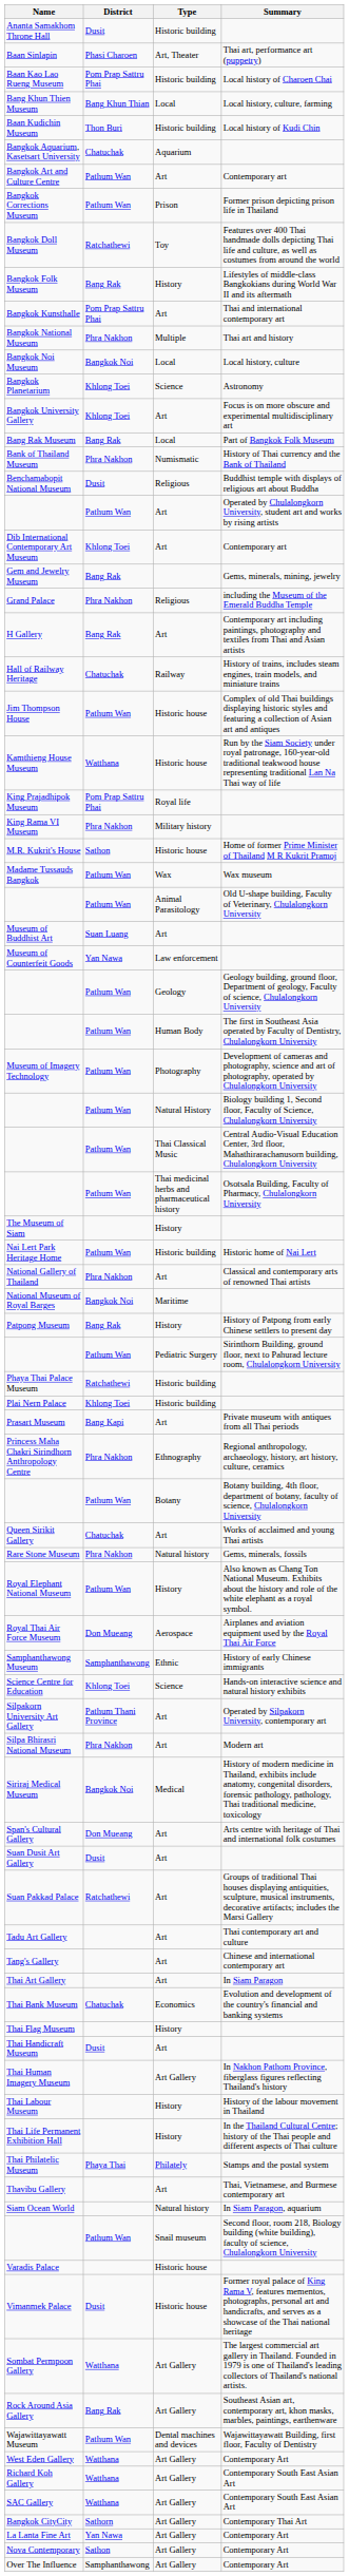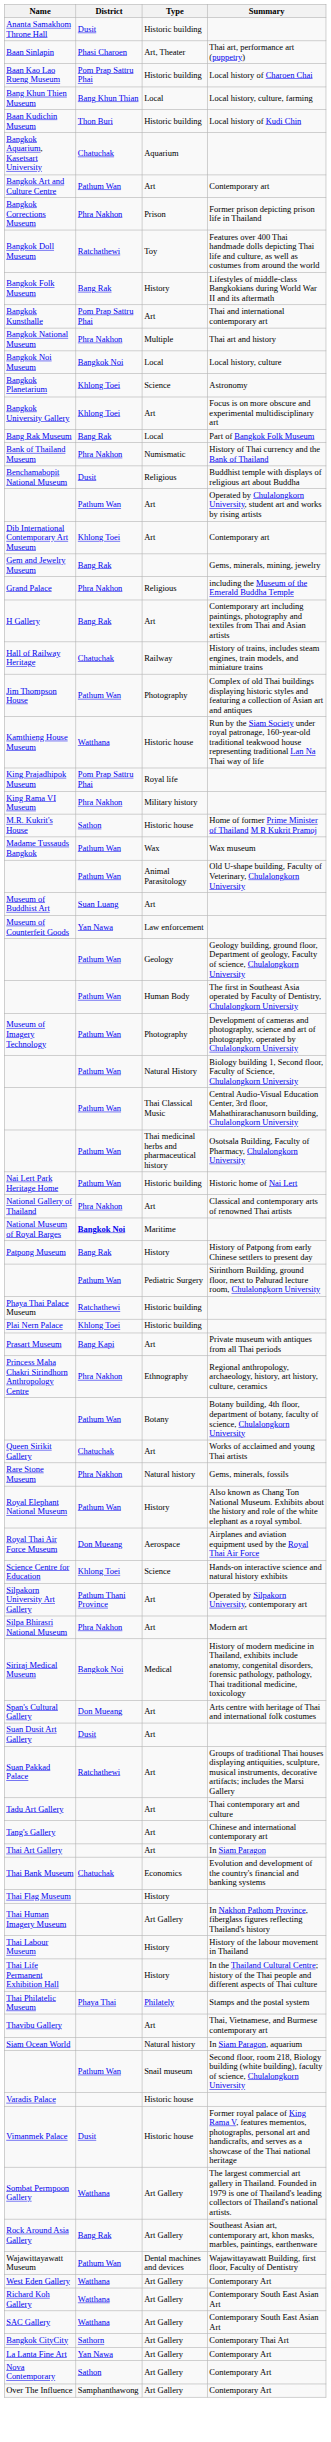 <table class="wikitable sortable">
 <tr>
 <th>Name</th>
 <th>District</th>
 <th>Type</th>
 <th>Summary</th>
 </tr>
 <tr>
 <td><a href='#'>Ananta Samakhom Throne Hall</a></td>
 <td><a href='#'>Dusit</a></td>
 <td>Historic building</td>
 <td></td>
 </tr>
 <tr>
 <td><a href='#'>Baan Sinlapin</a></td>
 <td><a href='#'>Phasi Charoen</a></td>
 <td>Art, Theater</td>
 <td>Thai art, performance art (<a href='#'>puppetry</a>)</td>
 </tr>
 <tr>
 <td><a href='#'>Baan Kao Lao Rueng Museum</a></td>
 <td><a href='#'>Pom Prap Sattru Phai</a></td>
 <td>Historic building</td>
 <td>Local history of <a href='#'>Charoen Chai</a></td>
 </tr>
 <tr>
 <td><a href='#'>Bang Khun Thien Museum</a></td>
 <td><a href='#'>Bang Khun Thian</a></td>
 <td>Local</td>
 <td>Local history, culture, farming</td>
 </tr>
 <tr>
 <td><a href='#'>Baan Kudichin Museum</a></td>
 <td><a href='#'>Thon Buri</a></td>
 <td>Historic building</td>
 <td>Local history of <a href='#'>Kudi Chin</a></td>
 </tr>
 <tr>
 <td><a href='#'>Bangkok Aquarium</a>, <a href='#'>Kasetsart University</a></td>
 <td><a href='#'>Chatuchak</a></td>
 <td>Aquarium</td>
 <td></td>
 </tr>
 <tr>
 <td><a href='#'>Bangkok Art and Culture Centre</a></td>
 <td><a href='#'>Pathum Wan</a></td>
 <td>Art</td>
 <td>Contemporary art</td>
 </tr>
 <tr>
 <td><a href='#'>Bangkok Corrections Museum</a></td>
-<td><a href='#'>Pathum Wan</a></td>
+<td><a href='#'>Phra Nakhon</a></td>
 <td>Prison</td>
 <td>Former prison depicting prison life in Thailand</td>
 </tr>
 <tr>
 <td><a href='#'>Bangkok Doll Museum</a></td>
 <td><a href='#'>Ratchathewi</a></td>
 <td>Toy</td>
 <td>Features over 400 Thai handmade dolls depicting Thai life and culture, as well as costumes from around the world</td>
 </tr>
 <tr>
 <td><a href='#'>Bangkok Folk Museum</a></td>
 <td><a href='#'>Bang Rak</a></td>
 <td>History</td>
 <td>Lifestyles of middle-class Bangkokians during World War II and its aftermath</td>
 </tr>
 <tr>
 <td><a href='#'>Bangkok Kunsthalle</a></td>
 <td><a href='#'>Pom Prap Sattru Phai</a></td>
 <td>Art</td>
 <td>Thai and international contemporary art</td>
 </tr>
 <tr>
 <td><a href='#'>Bangkok National Museum</a></td>
 <td><a href='#'>Phra Nakhon</a></td>
 <td>Multiple</td>
 <td>Thai art and history</td>
 </tr>
 <tr>
 <td><a href='#'>Bangkok Noi Museum</a></td>
 <td><a href='#'>Bangkok Noi</a></td>
 <td>Local</td>
 <td>Local history, culture</td>
 </tr>
 <tr>
 <td><a href='#'>Bangkok Planetarium</a></td>
 <td><a href='#'>Khlong Toei</a></td>
 <td>Science</td>
 <td>Astronomy</td>
 </tr>
 <tr>
 <td><a href='#'>Bangkok University Gallery</a></td>
 <td><a href='#'>Khlong Toei</a></td>
 <td>Art</td>
 <td>Focus is on more obscure and experimental multidisciplinary art</td>
 </tr>
 <tr>
 <td><a href='#'>Bang Rak Museum</a></td>
 <td><a href='#'>Bang Rak</a></td>
 <td>Local</td>
 <td>Part of <a href='#'>Bangkok Folk Museum</a></td>
 </tr>
 <tr>
 <td><a href='#'>Bank of Thailand Museum</a></td>
 <td><a href='#'>Phra Nakhon</a></td>
 <td>Numismatic</td>
 <td>History of Thai currency and the <a href='#'>Bank of Thailand</a></td>
 </tr>
 <tr>
 <td><a href='#'>Benchamabopit National Museum</a></td>
 <td><a href='#'>Dusit</a></td>
 <td>Religious</td>
 <td>Buddhist temple with displays of religious art about Buddha</td>
 </tr>
 <tr>
 <td></td>
 <td><a href='#'>Pathum Wan</a></td>
 <td>Art</td>
 <td>Operated by <a href='#'>Chulalongkorn University</a>, student art and works by rising artists</td>
 </tr>
 <tr>
 <td><a href='#'>Dib International Contemporary Art Museum</a></td>
 <td><a href='#'>Khlong Toei</a></td>
 <td>Art</td>
 <td>Contemporary art</td>
 </tr>
 <tr>
 <td><a href='#'>Gem and Jewelry Museum</a></td>
 <td><a href='#'>Bang Rak</a></td>
 <td></td>
 <td>Gems, minerals, mining, jewelry</td>
 </tr>
 <tr>
 <td><a href='#'>Grand Palace</a></td>
 <td><a href='#'>Phra Nakhon</a></td>
 <td>Religious</td>
 <td>including the <a href='#'>Museum of the Emerald Buddha Temple</a></td>
 </tr>
 <tr>
 <td><a href='#'>H Gallery</a></td>
 <td><a href='#'>Bang Rak</a></td>
 <td>Art</td>
 <td>Contemporary art including paintings, photography and textiles from Thai and Asian artists</td>
 </tr>
 <tr>
 <td><a href='#'>Hall of Railway Heritage</a></td>
 <td><a href='#'>Chatuchak</a></td>
 <td>Railway</td>
 <td>History of trains, includes steam engines, train models, and miniature trains</td>
 </tr>
 <tr>
 <td><a href='#'>Jim Thompson House</a></td>
 <td><a href='#'>Pathum Wan</a></td>
-<td>Historic house</td>
+<td>Photography</td>
 <td>Complex of old Thai buildings displaying historic styles and featuring a collection of Asian art and antiques</td>
 </tr>
 <tr>
 <td><a href='#'>Kamthieng House Museum</a></td>
 <td><a href='#'>Watthana</a></td>
 <td>Historic house</td>
 <td>Run by the <a href='#'>Siam Society</a> under royal patronage, 160-year-old traditional teakwood house representing traditional <a href='#'>Lan Na</a> Thai way of life</td>
 </tr>
 <tr>
 <td><a href='#'>King Prajadhipok Museum</a></td>
 <td><a href='#'>Pom Prap Sattru Phai</a></td>
 <td>Royal life</td>
 <td></td>
 </tr>
 <tr>
 <td><a href='#'>King Rama VI Museum</a></td>
 <td><a href='#'>Phra Nakhon</a></td>
 <td>Military history</td>
 <td></td>
 </tr>
 <tr>
 <td><a href='#'>M.R. Kukrit's House</a></td>
 <td><a href='#'>Sathon</a></td>
 <td>Historic house</td>
 <td>Home of former <a href='#'>Prime Minister of Thailand</a> <a href='#'>M R Kukrit Pramoj</a></td>
 </tr>
 <tr>
 <td><a href='#'>Madame Tussauds Bangkok</a></td>
 <td><a href='#'>Pathum Wan</a></td>
 <td>Wax</td>
 <td>Wax museum</td>
 </tr>
 <tr>
 <td></td>
 <td><a href='#'>Pathum Wan</a></td>
 <td>Animal Parasitology</td>
 <td>Old U-shape building, Faculty of Veterinary, <a href='#'>Chulalongkorn University</a></td>
 </tr>
 <tr>
 <td><a href='#'>Museum of Buddhist Art</a></td>
 <td><a href='#'>Suan Luang</a></td>
 <td>Art</td>
 <td></td>
 </tr>
 <tr>
 <td><a href='#'>Museum of Counterfeit Goods</a></td>
 <td><a href='#'>Yan Nawa</a></td>
 <td>Law enforcement</td>
 <td></td>
 </tr>
 <tr>
 <td></td>
 <td><a href='#'>Pathum Wan</a></td>
 <td>Geology</td>
 <td>Geology building, ground floor, Department of geology, Faculty of science, <a href='#'>Chulalongkorn University</a></td>
 </tr>
 <tr>
 <td></td>
 <td><a href='#'>Pathum Wan</a></td>
 <td>Human Body</td>
 <td>The first    in Southeast Asia operated by Faculty of Dentistry, <a href='#'>Chulalongkorn University</a></td>
 </tr>
 <tr>
 <td><a href='#'>Museum of Imagery Technology</a></td>
 <td><a href='#'>Pathum Wan</a></td>
 <td>Photography</td>
 <td>Development of cameras and photography, science and art of photography, operated by <a href='#'>Chulalongkorn University</a></td>
 </tr>
 <tr>
 <td></td>
 <td><a href='#'>Pathum Wan</a></td>
 <td>Natural History</td>
 <td>Biology building 1, Second floor, Faculty of Science,  <a href='#'>Chulalongkorn University</a></td>
 </tr>
 <tr>
 <td></td>
 <td><a href='#'>Pathum Wan</a></td>
 <td>Thai Classical Music</td>
 <td>Central Audio-Visual Education Center, 3rd floor, Mahathirarachanusorn building, <a href='#'>Chulalongkorn University</a></td>
 </tr>
 <tr>
 <td></td>
 <td><a href='#'>Pathum Wan</a></td>
 <td>Thai medicinal herbs and pharmaceutical history</td>
 <td>Osotsala Building, Faculty of Pharmacy, <a href='#'>Chulalongkorn University</a></td>
 </tr>
 <tr>
-<td><a href='#'>The Museum of Siam</a></td>
-<td></td>
-<td>History</td>
-<td></td>
-</tr>
-<tr>
 <td><a href='#'>Nai Lert Park Heritage Home</a></td>
 <td><a href='#'>Pathum Wan</a></td>
 <td>Historic building</td>
 <td>Historic home of <a href='#'>Nai Lert</a></td>
 </tr>
 <tr>
 <td><a href='#'>National Gallery of Thailand</a></td>
 <td><a href='#'>Phra Nakhon</a></td>
 <td>Art</td>
 <td>Classical and contemporary arts of renowned Thai artists</td>
 </tr>
 <tr>
 <td><a href='#'>National Museum of Royal Barges</a></td>
-<td><a href='#'>Bangkok Noi</a></td>
+<td><strong><a href='#'>Bangkok Noi</a></strong></td>
 <td>Maritime</td>
 <td></td>
 </tr>
 <tr>
 <td><a href='#'>Patpong Museum</a></td>
 <td><a href='#'>Bang Rak</a></td>
 <td>History</td>
 <td>History of Patpong from early Chinese settlers to present day</td>
 </tr>
 <tr>
 <td></td>
 <td><a href='#'>Pathum Wan</a></td>
 <td>Pediatric Surgery</td>
 <td>Sirinthorn Building, ground floor, next to Pahurad lecture room, <a href='#'>Chulalongkorn University</a></td>
 </tr>
 <tr>
 <td><a href='#'>Phaya Thai Palace</a> Museum</td>
 <td><a href='#'>Ratchathewi</a></td>
 <td>Historic building</td>
 <td></td>
 </tr>
 <tr>
 <td><a href='#'>Plai Nern Palace</a></td>
 <td><a href='#'>Khlong Toei</a></td>
 <td>Historic building</td>
 <td></td>
 </tr>
 <tr>
 <td><a href='#'>Prasart Museum</a></td>
 <td><a href='#'>Bang Kapi</a></td>
 <td>Art</td>
 <td>Private museum with antiques from all Thai periods</td>
 </tr>
 <tr>
 <td><a href='#'>Princess Maha Chakri Sirindhorn Anthropology Centre</a></td>
 <td><a href='#'>Phra Nakhon</a></td>
 <td>Ethnography</td>
 <td>Regional anthropology, archaeology, history, art history, culture, ceramics</td>
 </tr>
 <tr>
 <td></td>
 <td><a href='#'>Pathum Wan</a></td>
 <td>Botany</td>
 <td>Botany building, 4th floor, department of botany, faculty of science, <a href='#'>Chulalongkorn University</a></td>
 </tr>
 <tr>
 <td><a href='#'>Queen Sirikit Gallery</a></td>
 <td><a href='#'>Chatuchak</a></td>
 <td>Art</td>
 <td>Works of acclaimed and young Thai artists</td>
 </tr>
 <tr>
 <td><a href='#'>Rare Stone Museum</a></td>
 <td><a href='#'>Phra Nakhon</a></td>
 <td>Natural history</td>
 <td>Gems, minerals, fossils</td>
 </tr>
 <tr>
 <td><a href='#'>Royal Elephant National Museum</a></td>
 <td><a href='#'>Pathum Wan</a></td>
 <td>History</td>
 <td>Also known as Chang Ton National Museum. Exhibits about the history and role of the white elephant as a royal symbol.</td>
 </tr>
 <tr>
 <td><a href='#'>Royal Thai Air Force Museum</a></td>
 <td><a href='#'>Don Mueang</a></td>
 <td>Aerospace</td>
 <td>Airplanes and aviation equipment used by the <a href='#'>Royal Thai Air Force</a></td>
-</tr>
-<tr>
-<td><a href='#'>Samphanthawong Museum</a></td>
-<td><a href='#'>Samphanthawong</a></td>
-<td>Ethnic</td>
-<td>History of early Chinese immigrants</td>
 </tr>
 <tr>
 <td><a href='#'>Science Centre for Education</a></td>
 <td><a href='#'>Khlong Toei</a></td>
 <td>Science</td>
 <td>Hands-on interactive science and natural history exhibits</td>
 </tr>
 <tr>
 <td><a href='#'>Silpakorn University Art Gallery</a></td>
 <td><a href='#'>Pathum Thani Province</a></td>
 <td>Art</td>
 <td>Operated by <a href='#'>Silpakorn University</a>, contemporary art</td>
 </tr>
 <tr>
 <td><a href='#'>Silpa Bhirasri National Museum</a></td>
 <td><a href='#'>Phra Nakhon</a></td>
 <td>Art</td>
 <td>Modern art</td>
 </tr>
 <tr>
 <td><a href='#'>Siriraj Medical Museum</a></td>
 <td><a href='#'>Bangkok Noi</a></td>
 <td>Medical</td>
 <td>History of modern medicine in Thailand, exhibits include anatomy, congenital disorders, forensic pathology, pathology, Thai traditional medicine, toxicology</td>
 </tr>
 <tr>
 <td><a href='#'>Span's Cultural Gallery</a></td>
 <td><a href='#'>Don Mueang</a></td>
 <td>Art</td>
 <td>Arts centre with heritage of Thai and international folk costumes</td>
 </tr>
 <tr>
 <td><a href='#'>Suan Dusit Art Gallery</a></td>
 <td><a href='#'>Dusit</a></td>
 <td>Art</td>
 <td></td>
 </tr>
 <tr>
 <td><a href='#'>Suan Pakkad Palace</a></td>
 <td><a href='#'>Ratchathewi</a></td>
 <td>Art</td>
 <td>Groups of traditional Thai houses displaying antiquities, sculpture, musical instruments, decorative artifacts; includes the Marsi Gallery</td>
 </tr>
 <tr>
 <td><a href='#'>Tadu Art Gallery</a></td>
 <td></td>
 <td>Art</td>
 <td>Thai contemporary art and culture</td>
 </tr>
 <tr>
 <td><a href='#'>Tang's Gallery</a></td>
 <td></td>
 <td>Art</td>
 <td>Chinese and international contemporary art</td>
 </tr>
 <tr>
 <td><a href='#'>Thai Art Gallery</a></td>
 <td></td>
 <td>Art</td>
 <td>In <a href='#'>Siam Paragon</a></td>
 </tr>
 <tr>
 <td><a href='#'>Thai Bank Museum</a></td>
 <td><a href='#'>Chatuchak</a></td>
 <td>Economics</td>
 <td>Evolution and development of the country's financial and banking systems</td>
 </tr>
 <tr>
 <td><a href='#'>Thai Flag Museum</a></td>
 <td></td>
 <td>History</td>
-<td></td>
-</tr>
-<tr>
-<td><a href='#'>Thai Handicraft Museum</a></td>
-<td><a href='#'>Dusit</a></td>
-<td>Art</td>
 <td></td>
 </tr>
 <tr>
 <td><a href='#'>Thai Human Imagery Museum</a></td>
 <td></td>
 <td>Art Gallery</td>
 <td>In <a href='#'>Nakhon Pathom Province</a>, fiberglass figures reflecting Thailand's history</td>
 </tr>
 <tr>
 <td><a href='#'>Thai Labour Museum</a></td>
 <td></td>
 <td>History</td>
 <td>History of the labour movement in Thailand</td>
 </tr>
 <tr>
 <td><a href='#'>Thai Life Permanent Exhibition Hall</a></td>
 <td></td>
 <td>History</td>
 <td>In the <a href='#'>Thailand Cultural Centre</a>; history of the Thai people and different aspects of Thai culture</td>
 </tr>
 <tr>
 <td><a href='#'>Thai Philatelic Museum</a></td>
 <td><a href='#'>Phaya Thai</a></td>
 <td><a href='#'>Philately</a></td>
 <td>Stamps and the postal system</td>
 </tr>
 <tr>
 <td><a href='#'>Thavibu Gallery</a></td>
 <td></td>
 <td>Art</td>
 <td>Thai, Vietnamese, and Burmese contemporary art</td>
 </tr>
 <tr>
 <td><a href='#'>Siam Ocean World</a></td>
 <td></td>
 <td>Natural history</td>
 <td>In <a href='#'>Siam Paragon</a>, aquarium</td>
 </tr>
 <tr>
 <td></td>
 <td><a href='#'>Pathum Wan</a></td>
 <td>Snail museum</td>
 <td>Second floor, room 218, Biology building (white building), faculty of science, <a href='#'>Chulalongkorn University</a></td>
 </tr>
 <tr>
 <td><a href='#'>Varadis Palace</a></td>
 <td></td>
 <td>Historic house</td>
 <td></td>
 </tr>
 <tr>
 <td><a href='#'>Vimanmek Palace</a></td>
 <td><a href='#'>Dusit</a></td>
 <td>Historic house</td>
 <td>Former royal palace of <a href='#'>King Rama V</a>, features mementos, photographs, personal art and handicrafts, and serves as a showcase of the Thai national heritage</td>
 </tr>
 <tr>
 <td><a href='#'>Sombat Permpoon Gallery</a></td>
 <td><a href='#'>Watthana</a></td>
 <td>Art Gallery</td>
 <td>The largest commercial art gallery in Thailand. Founded in 1979 is one of Thailand's leading collectors of Thailand's national artists.</td>
 </tr>
 <tr>
 <td><a href='#'>Rock Around Asia Gallery</a></td>
 <td><a href='#'>Bang Rak</a></td>
 <td>Art Gallery</td>
 <td>Southeast Asian art, contemporary art, khon masks, marbles, paintings, earthenware</td>
 </tr>
 <tr>
 <td>Wajawittayawatt Museum</td>
 <td><a href='#'>Pathum Wan</a></td>
 <td>Dental machines and devices</td>
 <td>Wajawittayawatt Building, first floor, Faculty of Dentistry</td>
 </tr>
 <tr>
 <td><a href='#'>West Eden Gallery</a></td>
 <td><a href='#'>Watthana</a></td>
 <td>Art Gallery</td>
 <td>Contemporary Art</td>
 </tr>
 <tr>
 <td><a href='#'>Richard Koh Gallery</a></td>
 <td><a href='#'>Watthana</a></td>
 <td>Art Gallery</td>
 <td>Contemporary South East Asian Art</td>
 </tr>
 <tr>
 <td><a href='#'>SAC Gallery</a></td>
 <td><a href='#'>Watthana</a></td>
 <td>Art Gallery</td>
 <td>Contemporary South East Asian Art</td>
 </tr>
 <tr>
 <td><a href='#'>Bangkok CityCity</a></td>
 <td><a href='#'>Sathorn</a></td>
 <td>Art Gallery</td>
 <td>Contemporary Thai Art</td>
 </tr>
 <tr>
 <td><a href='#'>La Lanta Fine Art</a></td>
 <td><a href='#'>Yan Nawa</a></td>
 <td>Art Gallery</td>
 <td>Contemporary Art</td>
 </tr>
 <tr>
 <td><a href='#'>Nova Contemporary</a></td>
 <td><a href='#'>Sathon</a></td>
 <td>Art Gallery</td>
 <td>Contemporary Art</td>
 </tr>
 <tr>
 <td>Over The Influence</td>
 <td>Samphanthawong</td>
 <td>Art Gallery</td>
 <td>Contemporary Art</td>
 </tr>
 </table>
